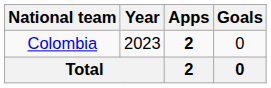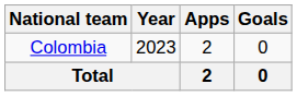 <table class=wikitable style=text-align:center>
 <tr>
 <th>National team</th>
 <th>Year</th>
 <th>Apps</th>
 <th>Goals</th>
 </tr>
 <tr>
 <td rowspan="1"><a href='#'>Colombia</a></td>
 <td>2023</td>
-<td><strong>2</strong></td>
+<td>2</td>
 <td>0</td>
 </tr>
 <tr>
 <th colspan="2">Total</th>
 <th>2</th>
 <th>0</th>
 </tr>
 </table>
